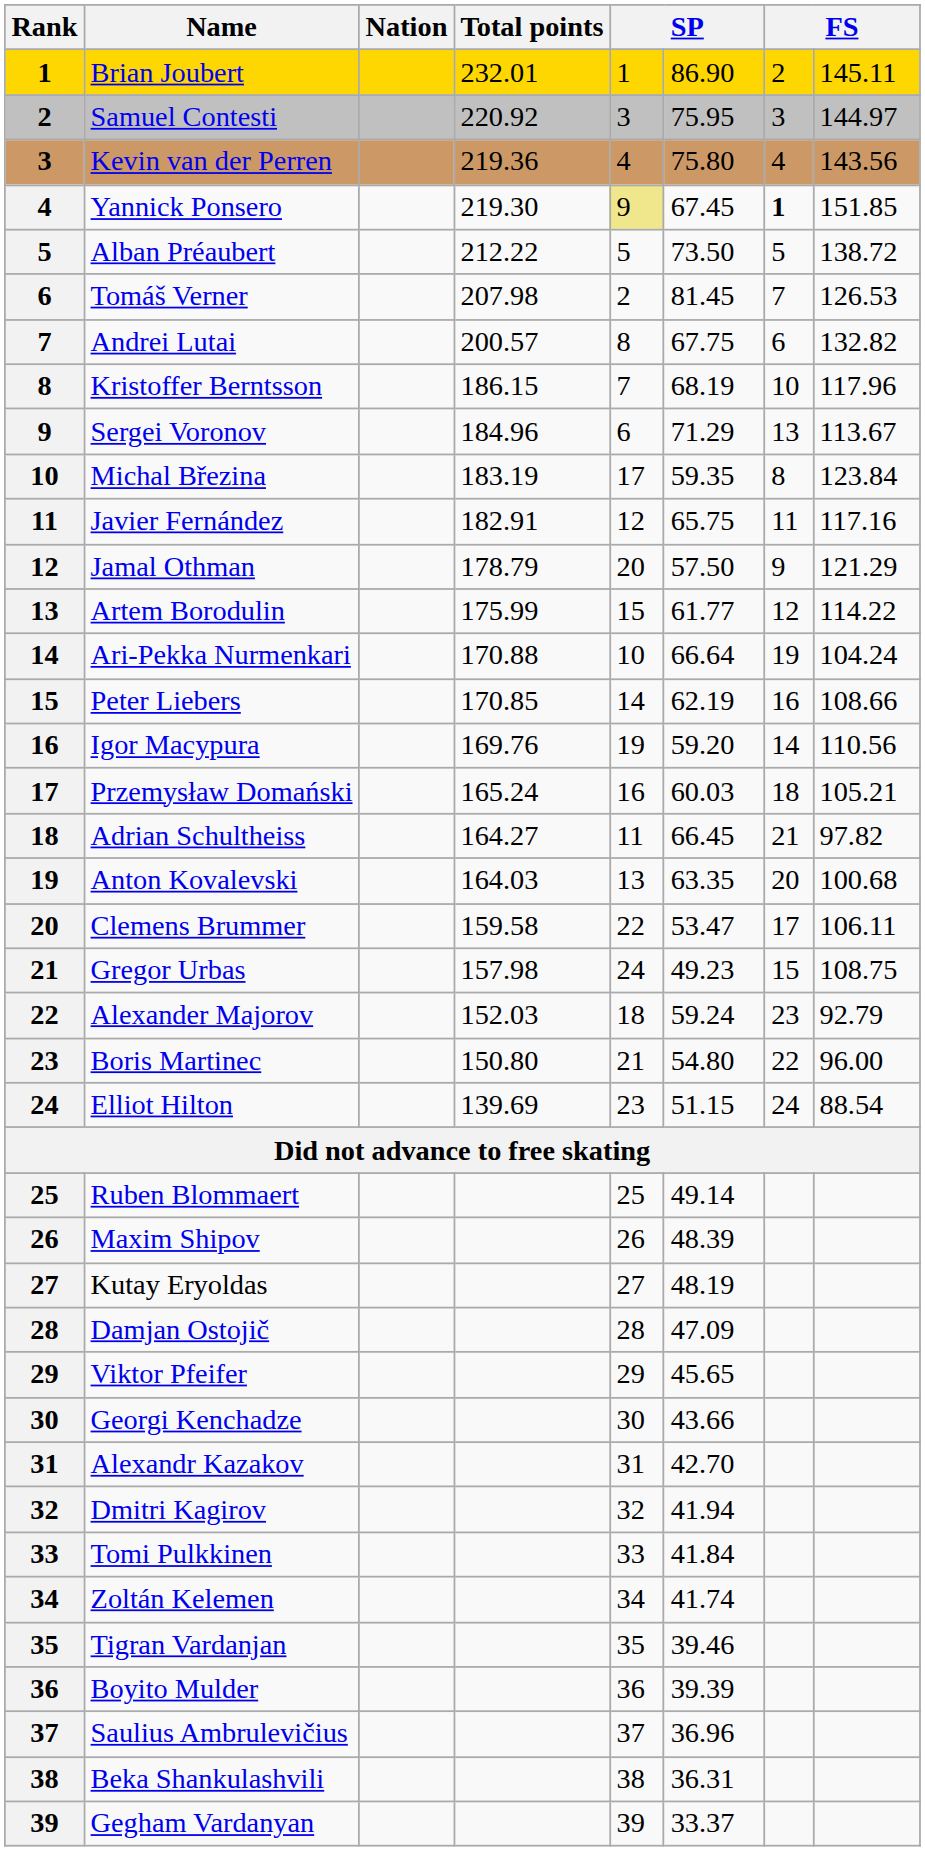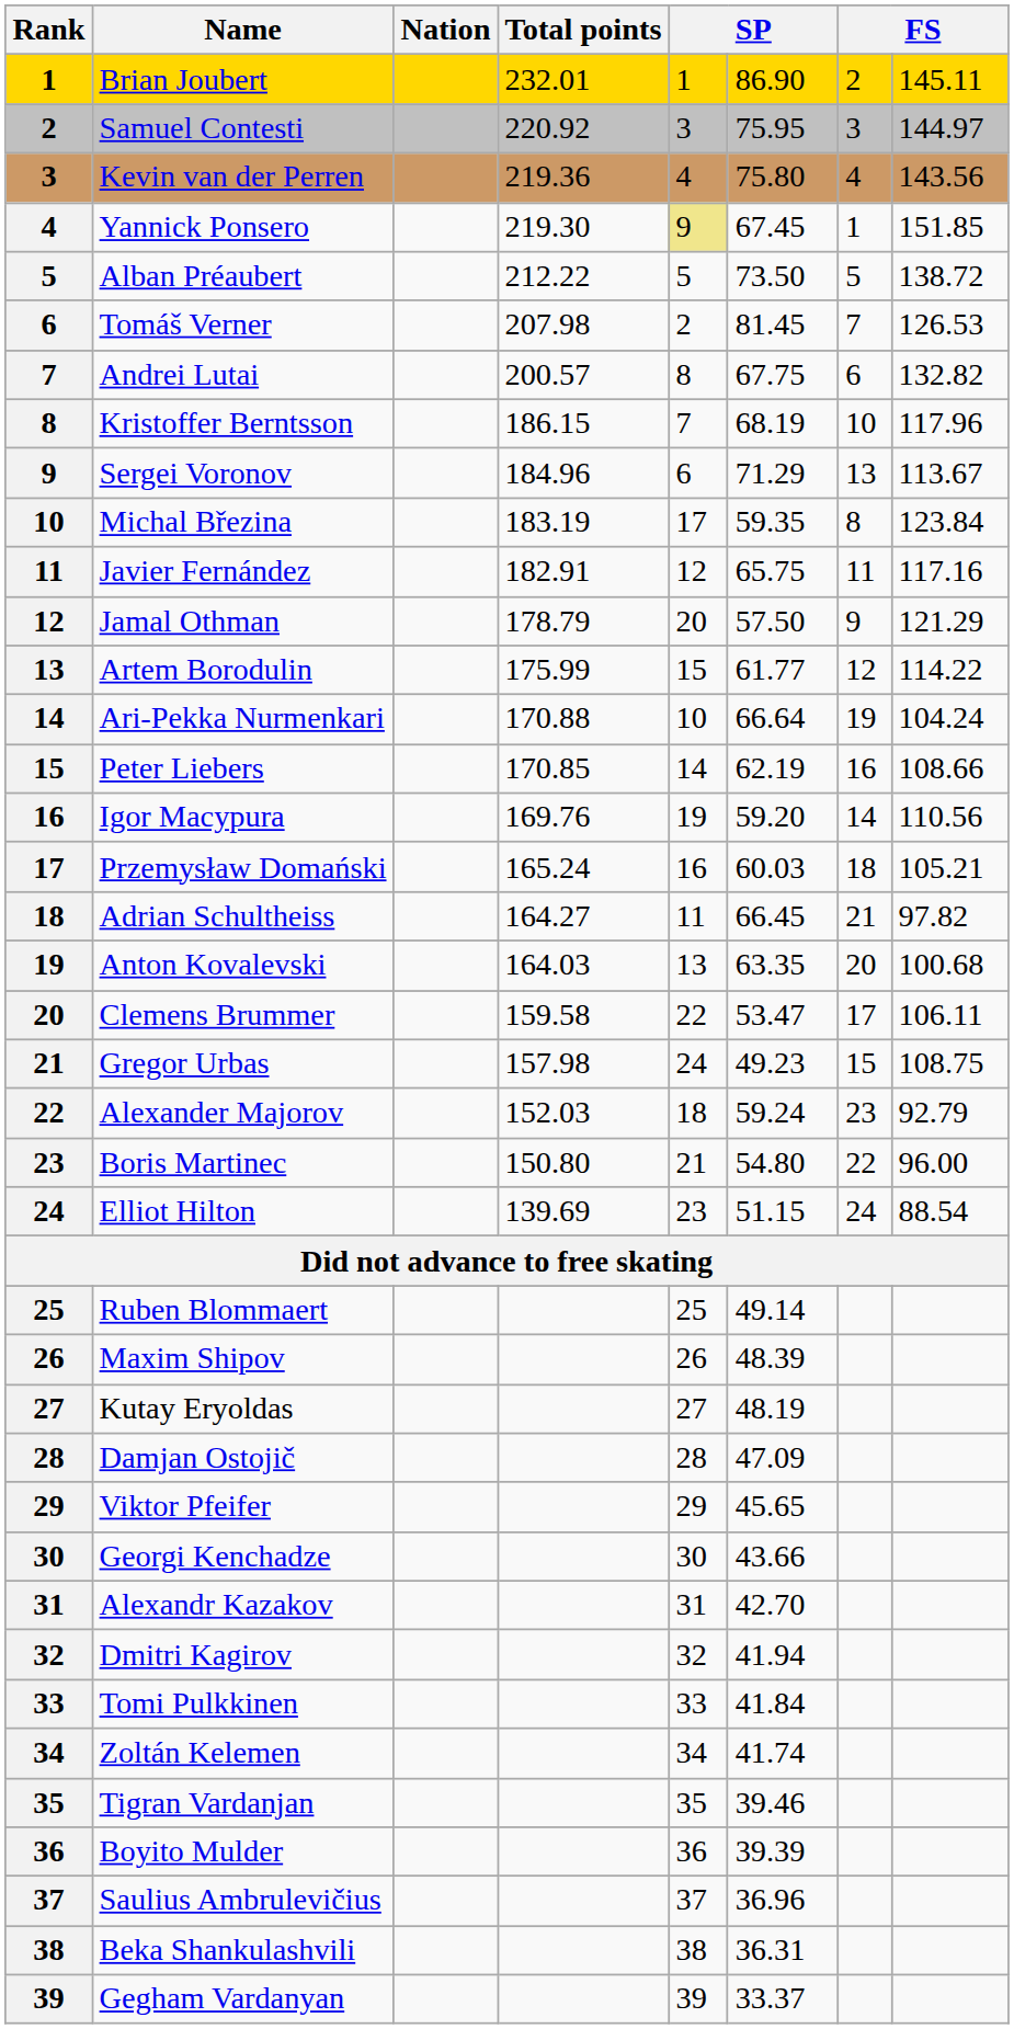 <table class="wikitable">
 <tr>
 <th>Rank</th>
 <th>Name</th>
 <th>Nation</th>
 <th>Total points</th>
 <th colspan="2" width="80px"><a href='#'>SP</a></th>
 <th colspan="2" width="80px"><a href='#'>FS</a></th>
 </tr>
 <tr bgcolor="gold">
 <td align="center"><strong>1</strong></td>
 <td><a href='#'>Brian Joubert</a></td>
 <td></td>
 <td>232.01</td>
 <td>1</td>
 <td>86.90</td>
 <td>2</td>
 <td>145.11</td>
 </tr>
 <tr bgcolor="silver">
 <td align="center"><strong>2</strong></td>
 <td><a href='#'>Samuel Contesti</a></td>
 <td></td>
 <td>220.92</td>
 <td>3</td>
 <td>75.95</td>
 <td>3</td>
 <td>144.97</td>
 </tr>
 <tr bgcolor="cc9966">
 <td align="center"><strong>3</strong></td>
 <td><a href='#'>Kevin van der Perren</a></td>
 <td></td>
 <td>219.36</td>
 <td>4</td>
 <td>75.80</td>
 <td>4</td>
 <td>143.56</td>
 </tr>
 <tr>
 <th>4</th>
 <td><a href='#'>Yannick Ponsero</a></td>
 <td></td>
 <td>219.30</td>
 <td style="background: khaki;">9</td>
 <td>67.45</td>
-<td><strong>1</strong></td>
+<td>1</td>
 <td>151.85</td>
 </tr>
 <tr>
 <th>5</th>
 <td><a href='#'>Alban Préaubert</a></td>
 <td></td>
 <td>212.22</td>
 <td>5</td>
 <td>73.50</td>
 <td>5</td>
 <td>138.72</td>
 </tr>
 <tr>
 <th>6</th>
 <td><a href='#'>Tomáš Verner</a></td>
 <td></td>
 <td>207.98</td>
 <td>2</td>
 <td>81.45</td>
 <td>7</td>
 <td>126.53</td>
 </tr>
 <tr>
 <th>7</th>
 <td><a href='#'>Andrei Lutai</a></td>
 <td></td>
 <td>200.57</td>
 <td>8</td>
 <td>67.75</td>
 <td>6</td>
 <td>132.82</td>
 </tr>
 <tr>
 <th>8</th>
 <td><a href='#'>Kristoffer Berntsson</a></td>
 <td></td>
 <td>186.15</td>
 <td>7</td>
 <td>68.19</td>
 <td>10</td>
 <td>117.96</td>
 </tr>
 <tr>
 <th>9</th>
 <td><a href='#'>Sergei Voronov</a></td>
 <td></td>
 <td>184.96</td>
 <td>6</td>
 <td>71.29</td>
 <td>13</td>
 <td>113.67</td>
 </tr>
 <tr>
 <th>10</th>
 <td><a href='#'>Michal Březina</a></td>
 <td></td>
 <td>183.19</td>
 <td>17</td>
 <td>59.35</td>
 <td>8</td>
 <td>123.84</td>
 </tr>
 <tr>
 <th>11</th>
 <td><a href='#'>Javier Fernández</a></td>
 <td></td>
 <td>182.91</td>
 <td>12</td>
 <td>65.75</td>
 <td>11</td>
 <td>117.16</td>
 </tr>
 <tr>
 <th>12</th>
 <td><a href='#'>Jamal Othman</a></td>
 <td></td>
 <td>178.79</td>
 <td>20</td>
 <td>57.50</td>
 <td>9</td>
 <td>121.29</td>
 </tr>
 <tr>
 <th>13</th>
 <td><a href='#'>Artem Borodulin</a></td>
 <td></td>
 <td>175.99</td>
 <td>15</td>
 <td>61.77</td>
 <td>12</td>
 <td>114.22</td>
 </tr>
 <tr>
 <th>14</th>
 <td><a href='#'>Ari-Pekka Nurmenkari</a></td>
 <td></td>
 <td>170.88</td>
 <td>10</td>
 <td>66.64</td>
 <td>19</td>
 <td>104.24</td>
 </tr>
 <tr>
 <th>15</th>
 <td><a href='#'>Peter Liebers</a></td>
 <td></td>
 <td>170.85</td>
 <td>14</td>
 <td>62.19</td>
 <td>16</td>
 <td>108.66</td>
 </tr>
 <tr>
 <th>16</th>
 <td><a href='#'>Igor Macypura</a></td>
 <td></td>
 <td>169.76</td>
 <td>19</td>
 <td>59.20</td>
 <td>14</td>
 <td>110.56</td>
 </tr>
 <tr>
 <th>17</th>
 <td><a href='#'>Przemysław Domański</a></td>
 <td></td>
 <td>165.24</td>
 <td>16</td>
 <td>60.03</td>
 <td>18</td>
 <td>105.21</td>
 </tr>
 <tr>
 <th>18</th>
 <td><a href='#'>Adrian Schultheiss</a></td>
 <td></td>
 <td>164.27</td>
 <td>11</td>
 <td>66.45</td>
 <td>21</td>
 <td>97.82</td>
 </tr>
 <tr>
 <th>19</th>
 <td><a href='#'>Anton Kovalevski</a></td>
 <td></td>
 <td>164.03</td>
 <td>13</td>
 <td>63.35</td>
 <td>20</td>
 <td>100.68</td>
 </tr>
 <tr>
 <th>20</th>
 <td><a href='#'>Clemens Brummer</a></td>
 <td></td>
 <td>159.58</td>
 <td>22</td>
 <td>53.47</td>
 <td>17</td>
 <td>106.11</td>
 </tr>
 <tr>
 <th>21</th>
 <td><a href='#'>Gregor Urbas</a></td>
 <td></td>
 <td>157.98</td>
 <td>24</td>
 <td>49.23</td>
 <td>15</td>
 <td>108.75</td>
 </tr>
 <tr>
 <th>22</th>
 <td><a href='#'>Alexander Majorov</a></td>
 <td></td>
 <td>152.03</td>
 <td>18</td>
 <td>59.24</td>
 <td>23</td>
 <td>92.79</td>
 </tr>
 <tr>
 <th>23</th>
 <td><a href='#'>Boris Martinec</a></td>
 <td></td>
 <td>150.80</td>
 <td>21</td>
 <td>54.80</td>
 <td>22</td>
 <td>96.00</td>
 </tr>
 <tr>
 <th>24</th>
 <td><a href='#'>Elliot Hilton</a></td>
 <td></td>
 <td>139.69</td>
 <td>23</td>
 <td>51.15</td>
 <td>24</td>
 <td>88.54</td>
 </tr>
 <tr>
 <th colspan=8>Did not advance to free skating</th>
 </tr>
 <tr>
 <th>25</th>
 <td><a href='#'>Ruben Blommaert</a></td>
 <td></td>
 <td></td>
 <td>25</td>
 <td>49.14</td>
 <td></td>
 <td></td>
 </tr>
 <tr>
 <th>26</th>
 <td><a href='#'>Maxim Shipov</a></td>
 <td></td>
 <td></td>
 <td>26</td>
 <td>48.39</td>
 <td></td>
 <td></td>
 </tr>
 <tr>
 <th>27</th>
 <td>Kutay Eryoldas</td>
 <td></td>
 <td></td>
 <td>27</td>
 <td>48.19</td>
 <td></td>
 <td></td>
 </tr>
 <tr>
 <th>28</th>
 <td><a href='#'>Damjan Ostojič</a></td>
 <td></td>
 <td></td>
 <td>28</td>
 <td>47.09</td>
 <td></td>
 <td></td>
 </tr>
 <tr>
 <th>29</th>
 <td><a href='#'>Viktor Pfeifer</a></td>
 <td></td>
 <td></td>
 <td>29</td>
 <td>45.65</td>
 <td></td>
 <td></td>
 </tr>
 <tr>
 <th>30</th>
 <td><a href='#'>Georgi Kenchadze</a></td>
 <td></td>
 <td></td>
 <td>30</td>
 <td>43.66</td>
 <td></td>
 <td></td>
 </tr>
 <tr>
 <th>31</th>
 <td><a href='#'>Alexandr Kazakov</a></td>
 <td></td>
 <td></td>
 <td>31</td>
 <td>42.70</td>
 <td></td>
 <td></td>
 </tr>
 <tr>
 <th>32</th>
 <td><a href='#'>Dmitri Kagirov</a></td>
 <td></td>
 <td></td>
 <td>32</td>
 <td>41.94</td>
 <td></td>
 <td></td>
 </tr>
 <tr>
 <th>33</th>
 <td><a href='#'>Tomi Pulkkinen</a></td>
 <td></td>
 <td></td>
 <td>33</td>
 <td>41.84</td>
 <td></td>
 <td></td>
 </tr>
 <tr>
 <th>34</th>
 <td><a href='#'>Zoltán Kelemen</a></td>
 <td></td>
 <td></td>
 <td>34</td>
 <td>41.74</td>
 <td></td>
 <td></td>
 </tr>
 <tr>
 <th>35</th>
 <td><a href='#'>Tigran Vardanjan</a></td>
 <td></td>
 <td></td>
 <td>35</td>
 <td>39.46</td>
 <td></td>
 <td></td>
 </tr>
 <tr>
 <th>36</th>
 <td><a href='#'>Boyito Mulder</a></td>
 <td></td>
 <td></td>
 <td>36</td>
 <td>39.39</td>
 <td></td>
 <td></td>
 </tr>
 <tr>
 <th>37</th>
 <td><a href='#'>Saulius Ambrulevičius</a></td>
 <td></td>
 <td></td>
 <td>37</td>
 <td>36.96</td>
 <td></td>
 <td></td>
 </tr>
 <tr>
 <th>38</th>
 <td><a href='#'>Beka Shankulashvili</a></td>
 <td></td>
 <td></td>
 <td>38</td>
 <td>36.31</td>
 <td></td>
 <td></td>
 </tr>
 <tr>
 <th>39</th>
 <td><a href='#'>Gegham Vardanyan</a></td>
 <td></td>
 <td></td>
 <td>39</td>
 <td>33.37</td>
 <td></td>
 <td></td>
 </tr>
 </table>
